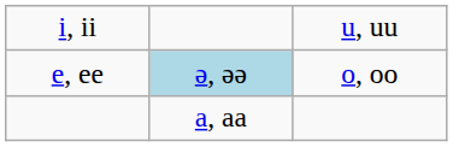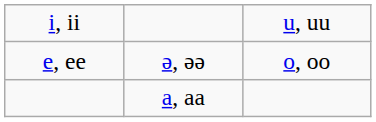 <table class="wikitable" style="text-align: center; width: 250px;">
 <tr>
 <td><a href='#'>i</a>, ii</td>
 <td> </td>
 <td><a href='#'>u</a>, uu</td>
 </tr>
 <tr>
 <td><a href='#'>e</a>, ee</td>
-<td style="background: lightblue;"><a href='#'>ə</a>, əə</td>
+<td><a href='#'>ə</a>, əə</td>
 <td><a href='#'>o</a>, oo</td>
 </tr>
 <tr>
 <td> </td>
 <td><a href='#'>a</a>, aa</td>
 <td> </td>
 </tr>
 </table>
